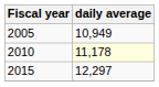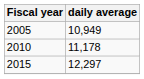 <table class="wikitable">
 <tr>
 <th>Fiscal year</th>
 <th>daily average</th>
 </tr>
 <tr>
 <td>2005</td>
 <td>10,949</td>
 </tr>
 <tr>
 <td>2010</td>
-<td style="background: lightyellow;">11,178</td>
+<td>11,178</td>
 </tr>
 <tr>
 <td>2015</td>
 <td>12,297</td>
 </tr>
 <tr>
 </tr>
 </table>
